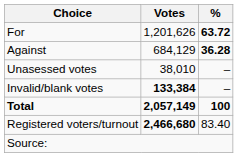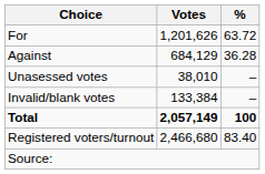 <table class=wikitable style=text-align:right>
 <tr>
 <th>Choice</th>
 <th>Votes</th>
 <th>%</th>
 </tr>
 <tr>
 <td align=left>For</td>
 <td>1,201,626</td>
-<td><strong>63.72</strong></td>
+<td>63.72</td>
 </tr>
 <tr>
 <td align=left>Against</td>
 <td>684,129</td>
-<td><strong>36.28</strong></td>
+<td>36.28</td>
 </tr>
 <tr>
 <td align=left>Unasessed votes</td>
 <td>38,010</td>
 <td>–</td>
 </tr>
 <tr>
 <td align=left>Invalid/blank votes</td>
-<td><strong>133,384</strong></td>
+<td>133,384</td>
 <td>–</td>
 </tr>
 <tr>
 <td align=left><strong>Total</strong></td>
 <td><strong>2,057,149</strong></td>
 <td><strong>100</strong></td>
 </tr>
 <tr>
 <td align=left>Registered voters/turnout</td>
-<td><strong>2,466,680</strong></td>
+<td>2,466,680</td>
 <td>83.40</td>
 </tr>
 <tr>
 <td align=left colspan=3>Source: </td>
 </tr>
 </table>
